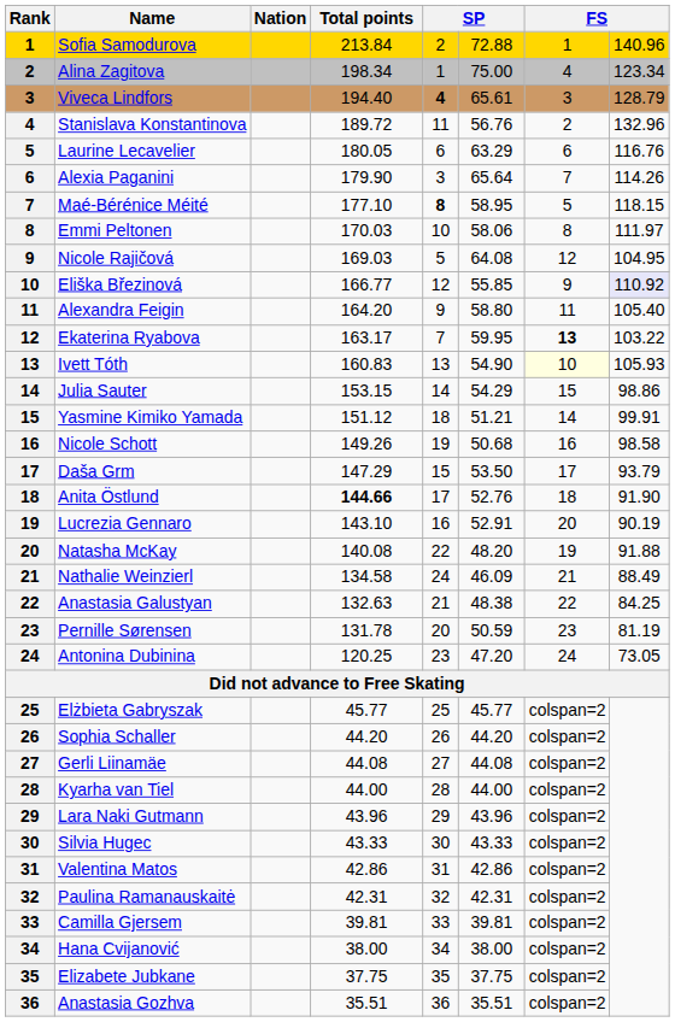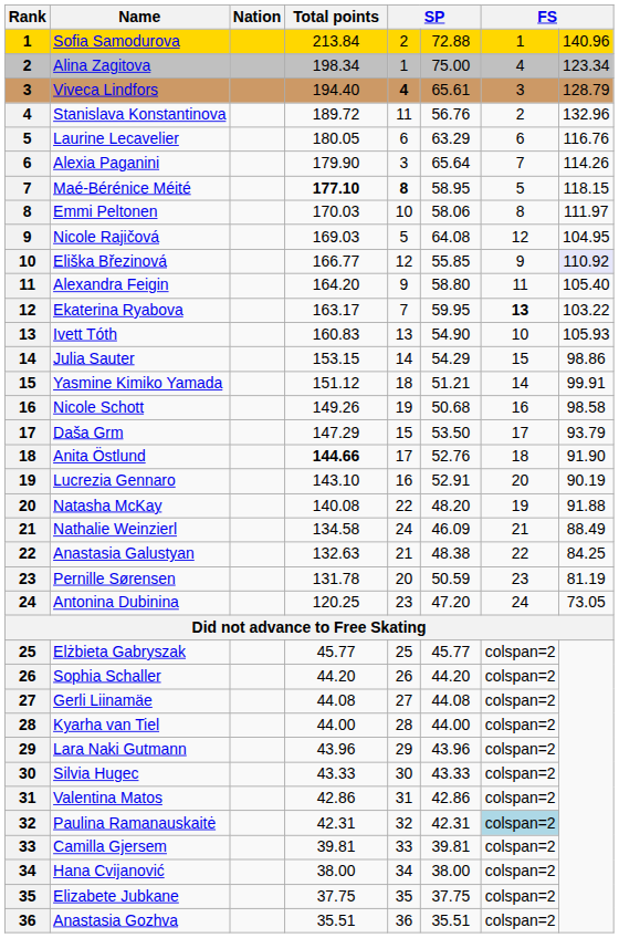 <table class="wikitable sortable">
 <tr>
 <th>Rank</th>
 <th>Name</th>
 <th>Nation</th>
 <th width="100px">Total points</th>
 <th colspan="2" width="90px"><a href='#'>SP</a></th>
 <th colspan="2" width="90px"><a href='#'>FS</a></th>
 </tr>
 <tr bgcolor="gold">
 <td align="center" bgcolor="gold"><strong>1</strong></td>
 <td><a href='#'>Sofia Samodurova</a></td>
 <td></td>
 <td align="center">213.84</td>
 <td align="center">2</td>
 <td align="center">72.88</td>
 <td align="center">1</td>
 <td align="center">140.96</td>
 </tr>
 <tr bgcolor="silver">
 <td align="center" bgcolor="silver"><strong>2</strong></td>
 <td><a href='#'>Alina Zagitova</a></td>
 <td></td>
 <td align="center">198.34</td>
 <td align="center">1</td>
 <td align="center">75.00</td>
 <td align="center">4</td>
 <td align="center">123.34</td>
 </tr>
 <tr bgcolor="#cc9966">
 <td align="center" bgcolor="#cc9966"><strong>3</strong></td>
 <td><a href='#'>Viveca Lindfors</a></td>
 <td></td>
 <td align="center">194.40</td>
 <td align="center"><strong>4</strong></td>
 <td align="center">65.61</td>
 <td align="center">3</td>
 <td align="center">128.79</td>
 </tr>
 <tr>
 <th>4</th>
 <td><a href='#'>Stanislava Konstantinova</a></td>
 <td></td>
 <td align="center">189.72</td>
 <td align="center">11</td>
 <td align="center">56.76</td>
 <td align="center">2</td>
 <td align="center">132.96</td>
 </tr>
 <tr>
 <th>5</th>
 <td><a href='#'>Laurine Lecavelier</a></td>
 <td></td>
 <td align="center">180.05</td>
 <td align="center">6</td>
 <td align="center">63.29</td>
 <td align="center">6</td>
 <td align="center">116.76</td>
 </tr>
 <tr>
 <th>6</th>
 <td><a href='#'>Alexia Paganini</a></td>
 <td></td>
 <td align="center">179.90</td>
 <td align="center">3</td>
 <td align="center">65.64</td>
 <td align="center">7</td>
 <td align="center">114.26</td>
 </tr>
 <tr>
 <th>7</th>
 <td><a href='#'>Maé-Bérénice Méité</a></td>
 <td></td>
-<td align="center">177.10</td>
+<td align="center"><strong>177.10</strong></td>
 <td align="center"><strong>8</strong></td>
 <td align="center">58.95</td>
 <td align="center">5</td>
 <td align="center">118.15</td>
 </tr>
 <tr>
 <th>8</th>
 <td><a href='#'>Emmi Peltonen</a></td>
 <td></td>
 <td align="center">170.03</td>
 <td align="center">10</td>
 <td align="center">58.06</td>
 <td align="center">8</td>
 <td align="center">111.97</td>
 </tr>
 <tr>
 <th>9</th>
 <td><a href='#'>Nicole Rajičová</a></td>
 <td></td>
 <td align="center">169.03</td>
 <td align="center">5</td>
 <td align="center">64.08</td>
 <td align="center">12</td>
 <td align="center">104.95</td>
 </tr>
 <tr>
 <th>10</th>
 <td><a href='#'>Eliška Březinová</a></td>
 <td></td>
 <td align="center">166.77</td>
 <td align="center">12</td>
 <td align="center">55.85</td>
 <td align="center">9</td>
 <td align="center" style="background: lavender;">110.92</td>
 </tr>
 <tr>
 <th>11</th>
 <td><a href='#'>Alexandra Feigin</a></td>
 <td></td>
 <td align="center">164.20</td>
 <td align="center">9</td>
 <td align="center">58.80</td>
 <td align="center">11</td>
 <td align="center">105.40</td>
 </tr>
 <tr>
 <th>12</th>
 <td><a href='#'>Ekaterina Ryabova</a></td>
 <td></td>
 <td align="center">163.17</td>
 <td align="center">7</td>
 <td align="center">59.95</td>
 <td align="center"><strong>13</strong></td>
 <td align="center">103.22</td>
 </tr>
 <tr>
 <th>13</th>
 <td><a href='#'>Ivett Tóth</a></td>
 <td></td>
 <td align="center">160.83</td>
 <td align="center">13</td>
 <td align="center">54.90</td>
-<td align="center" style="background: lightyellow;">10</td>
+<td align="center">10</td>
 <td align="center">105.93</td>
 </tr>
 <tr>
 <th>14</th>
 <td><a href='#'>Julia Sauter</a></td>
 <td></td>
 <td align="center">153.15</td>
 <td align="center">14</td>
 <td align="center">54.29</td>
 <td align="center">15</td>
 <td align="center">98.86</td>
 </tr>
 <tr>
 <th>15</th>
 <td><a href='#'>Yasmine Kimiko Yamada</a></td>
 <td></td>
 <td align="center">151.12</td>
 <td align="center">18</td>
 <td align="center">51.21</td>
 <td align="center">14</td>
 <td align="center">99.91</td>
 </tr>
 <tr>
 <th>16</th>
 <td><a href='#'>Nicole Schott</a></td>
 <td></td>
 <td align="center">149.26</td>
 <td align="center">19</td>
 <td align="center">50.68</td>
 <td align="center">16</td>
 <td align="center">98.58</td>
 </tr>
 <tr>
 <th>17</th>
 <td><a href='#'>Daša Grm</a></td>
 <td></td>
 <td align="center">147.29</td>
 <td align="center">15</td>
 <td align="center">53.50</td>
 <td align="center">17</td>
 <td align="center">93.79</td>
 </tr>
 <tr>
 <th>18</th>
 <td><a href='#'>Anita Östlund</a></td>
 <td></td>
 <td align="center"><strong>144.66</strong></td>
 <td align="center">17</td>
 <td align="center">52.76</td>
 <td align="center">18</td>
 <td align="center">91.90</td>
 </tr>
 <tr>
 <th>19</th>
 <td><a href='#'>Lucrezia Gennaro</a></td>
 <td></td>
 <td align="center">143.10</td>
 <td align="center">16</td>
 <td align="center">52.91</td>
 <td align="center">20</td>
 <td align="center">90.19</td>
 </tr>
 <tr>
 <th>20</th>
 <td><a href='#'>Natasha McKay</a></td>
 <td></td>
 <td align="center">140.08</td>
 <td align="center">22</td>
 <td align="center">48.20</td>
 <td align="center">19</td>
 <td align="center">91.88</td>
 </tr>
 <tr>
 <th>21</th>
 <td><a href='#'>Nathalie Weinzierl</a></td>
 <td></td>
 <td align="center">134.58</td>
 <td align="center">24</td>
 <td align="center">46.09</td>
 <td align="center">21</td>
 <td align="center">88.49</td>
 </tr>
 <tr>
 <th>22</th>
 <td><a href='#'>Anastasia Galustyan</a></td>
 <td></td>
 <td align="center">132.63</td>
 <td align="center">21</td>
 <td align="center">48.38</td>
 <td align="center">22</td>
 <td align="center">84.25</td>
 </tr>
 <tr>
 <th>23</th>
 <td><a href='#'>Pernille Sørensen</a></td>
 <td></td>
 <td align="center">131.78</td>
 <td align="center">20</td>
 <td align="center">50.59</td>
 <td align="center">23</td>
 <td align="center">81.19</td>
 </tr>
 <tr>
 <th>24</th>
 <td><a href='#'>Antonina Dubinina</a></td>
 <td></td>
 <td align="center">120.25</td>
 <td align="center">23</td>
 <td align="center">47.20</td>
 <td align="center">24</td>
 <td align="center">73.05</td>
 </tr>
 <tr>
 <th colspan=8>Did not advance to Free Skating</th>
 </tr>
 <tr>
 <th>25</th>
 <td><a href='#'>Elżbieta Gabryszak</a></td>
 <td></td>
 <td align="center">45.77</td>
 <td align="center">25</td>
 <td align="center">45.77</td>
 <td>colspan=2 </td>
 </tr>
 <tr>
 <th>26</th>
 <td><a href='#'>Sophia Schaller</a></td>
 <td></td>
 <td align="center">44.20</td>
 <td align="center">26</td>
 <td align="center">44.20</td>
 <td>colspan=2 </td>
 </tr>
 <tr>
 <th>27</th>
 <td><a href='#'>Gerli Liinamäe</a></td>
 <td></td>
 <td align="center">44.08</td>
 <td align="center">27</td>
 <td align="center">44.08</td>
 <td>colspan=2 </td>
 </tr>
 <tr>
 <th>28</th>
 <td><a href='#'>Kyarha van Tiel</a></td>
 <td></td>
 <td align="center">44.00</td>
 <td align="center">28</td>
 <td align="center">44.00</td>
 <td>colspan=2 </td>
 </tr>
 <tr>
 <th>29</th>
 <td><a href='#'>Lara Naki Gutmann</a></td>
 <td></td>
 <td align="center">43.96</td>
 <td align="center">29</td>
 <td align="center">43.96</td>
 <td>colspan=2 </td>
 </tr>
 <tr>
 <th>30</th>
 <td><a href='#'>Silvia Hugec</a></td>
 <td></td>
 <td align="center">43.33</td>
 <td align="center">30</td>
 <td align="center">43.33</td>
 <td>colspan=2 </td>
 </tr>
 <tr>
 <th>31</th>
 <td><a href='#'>Valentina Matos</a></td>
 <td></td>
 <td align="center">42.86</td>
 <td align="center">31</td>
 <td align="center">42.86</td>
 <td>colspan=2 </td>
 </tr>
 <tr>
 <th>32</th>
 <td><a href='#'>Paulina Ramanauskaitė</a></td>
 <td></td>
 <td align="center">42.31</td>
 <td align="center">32</td>
 <td align="center">42.31</td>
-<td>colspan=2 </td>
+<td style="background: lightblue;">colspan=2 </td>
 </tr>
 <tr>
 <th>33</th>
 <td><a href='#'>Camilla Gjersem</a></td>
 <td></td>
 <td align="center">39.81</td>
 <td align="center">33</td>
 <td align="center">39.81</td>
 <td>colspan=2 </td>
 </tr>
 <tr>
 <th>34</th>
 <td><a href='#'>Hana Cvijanović</a></td>
 <td></td>
 <td align="center">38.00</td>
 <td align="center">34</td>
 <td align="center">38.00</td>
 <td>colspan=2 </td>
 </tr>
 <tr>
 <th>35</th>
 <td><a href='#'>Elizabete Jubkane</a></td>
 <td></td>
 <td align="center">37.75</td>
 <td align="center">35</td>
 <td align="center">37.75</td>
 <td>colspan=2 </td>
 </tr>
 <tr>
 <th>36</th>
 <td><a href='#'>Anastasia Gozhva</a></td>
 <td></td>
 <td align="center">35.51</td>
 <td align="center">36</td>
 <td align="center">35.51</td>
 <td>colspan=2 </td>
 </tr>
 </table>
